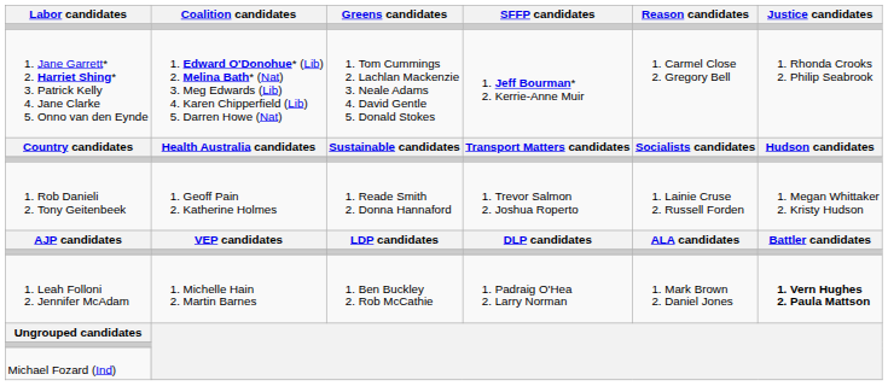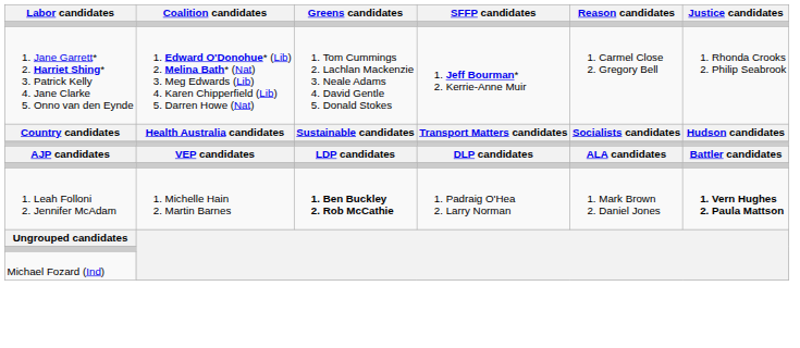 <table class="wikitable">
 <tr>
 <th><a href='#'>Labor</a> candidates</th>
 <th><a href='#'>Coalition</a> candidates</th>
 <th><a href='#'>Greens</a> candidates</th>
 <th><a href='#'>SFFP</a> candidates</th>
 <th><a href='#'>Reason</a> candidates</th>
 <th><a href='#'>Justice</a> candidates</th>
 </tr>
 <tr bgcolor="#cccccc">
 <td></td>
 <td></td>
 <td></td>
 <td></td>
 <td></td>
 <td></td>
 </tr>
 <tr>
 <td><br><ol><li><a href='#'>Jane Garrett</a>*</li><li><strong><a href='#'>Harriet Shing</a></strong>*</li><li>Patrick Kelly</li><li>Jane Clarke</li><li>Onno van den Eynde</li></ol></td>
 <td><br><ol><li><strong><a href='#'>Edward O'Donohue</a></strong>* (<a href='#'>Lib</a>)</li><li><strong><a href='#'>Melina Bath</a></strong>* (<a href='#'>Nat</a>)</li><li>Meg Edwards (<a href='#'>Lib</a>)</li><li>Karen Chipperfield (<a href='#'>Lib</a>)</li><li>Darren Howe (<a href='#'>Nat</a>)</li></ol></td>
 <td valign=top><br><ol><li>Tom Cummings</li><li>Lachlan Mackenzie</li><li>Neale Adams</li><li>David Gentle</li><li>Donald Stokes</li></ol></td>
 <td><br><ol><li><strong><a href='#'>Jeff Bourman</a></strong>*</li><li>Kerrie-Anne Muir</li></ol></td>
 <td valign=top><br><ol><li>Carmel Close</li><li>Gregory Bell</li></ol></td>
 <td valign=top><br><ol><li>Rhonda Crooks</li><li>Philip Seabrook</li></ol></td>
 </tr>
 <tr bgcolor="#cccccc">
 <th><a href='#'>Country</a> candidates</th>
 <th><a href='#'>Health Australia</a> candidates</th>
 <th><a href='#'>Sustainable</a> candidates</th>
 <th><a href='#'>Transport Matters</a> candidates</th>
 <th><a href='#'>Socialists</a> candidates</th>
 <th><a href='#'>Hudson</a> candidates</th>
 </tr>
 <tr bgcolor="#cccccc">
 <td></td>
 <td></td>
 <td></td>
 <td></td>
 <td></td>
 <td></td>
 </tr>
-<tr>
-<td valign=top><br><ol><li>Rob Danieli</li><li>Tony Geitenbeek</li></ol></td>
-<td valign=top><br><ol><li>Geoff Pain</li><li>Katherine Holmes</li></ol></td>
-<td valign=top><br><ol><li>Reade Smith</li><li>Donna Hannaford</li></ol></td>
-<td valign=top><br><ol><li>Trevor Salmon</li><li>Joshua Roperto</li></ol></td>
-<td valign=top><br><ol><li>Lainie Cruse</li><li>Russell Forden</li></ol></td>
-<td valign=top><br><ol><li>Megan Whittaker</li><li>Kristy Hudson</li></ol></td>
-</tr>
 <tr bgcolor="#cccccc">
 <th><a href='#'>AJP</a> candidates</th>
 <th><a href='#'>VEP</a> candidates</th>
 <th><a href='#'>LDP</a> candidates</th>
 <th><a href='#'>DLP</a> candidates</th>
 <th><a href='#'>ALA</a> candidates</th>
 <th><a href='#'>Battler</a> candidates</th>
 </tr>
 <tr bgcolor="#cccccc">
 <td></td>
 <td></td>
 <td></td>
 <td></td>
 <td></td>
 <td></td>
 </tr>
 <tr>
 <td valign=top><br><ol><li>Leah Folloni</li><li>Jennifer McAdam</li></ol></td>
 <td valign=top><br><ol><li>Michelle Hain</li><li>Martin Barnes</li></ol></td>
-<td valign=top><br><ol><li>Ben Buckley</li><li>Rob McCathie</li></ol></td>
+<td valign=top><strong><br><ol><li>Ben Buckley</li><li>Rob McCathie</li></ol></strong></td>
 <td valign=top><br><ol><li>Padraig O'Hea</li><li>Larry Norman</li></ol></td>
 <td valign=top><br><ol><li>Mark Brown</li><li>Daniel Jones</li></ol></td>
 <td valign=top><strong><br><ol><li>Vern Hughes</li><li>Paula Mattson</li></ol></strong></td>
 </tr>
 <tr bgcolor="#cccccc">
 <th>Ungrouped candidates</th>
 <th rowspan=3 colspan=5 ></th>
 </tr>
 <tr bgcolor="#cccccc">
 <td></td>
 </tr>
 <tr>
 <td valign=top><br>Michael Fozard (<a href='#'>Ind</a>)</td>
 </tr>
 </table>
